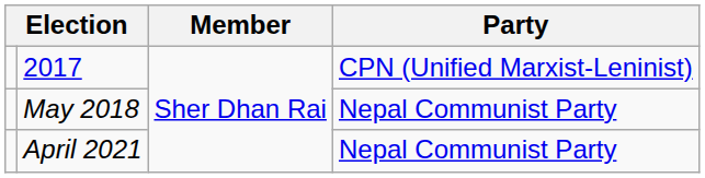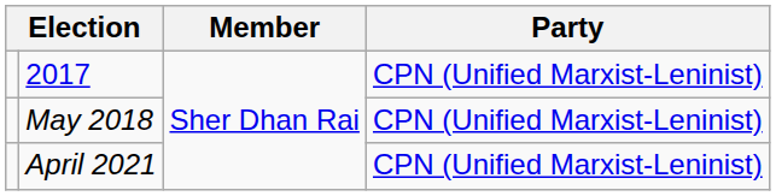 <table class="wikitable">
 <tr>
 <th colspan="2">Election</th>
 <th>Member</th>
 <th>Party</th>
 </tr>
 <tr>
 <td style="background-color:"></td>
 <td><a href='#'>2017</a></td>
 <td rowspan="3"><a href='#'>Sher Dhan Rai</a></td>
 <td><a href='#'>CPN (Unified Marxist-Leninist)</a></td>
 </tr>
 <tr>
 <td style="background-color:"></td>
 <td><em>May 2018</em></td>
-<td><a href='#'>Nepal Communist Party</a></td>
+<td><a href='#'>CPN (Unified Marxist-Leninist)</a></td>
 </tr>
 <tr>
 <td style="background-color:"></td>
 <td><em>April 2021</em></td>
-<td><a href='#'>Nepal Communist Party</a></td>
+<td><a href='#'>CPN (Unified Marxist-Leninist)</a></td>
 </tr>
 </table>
